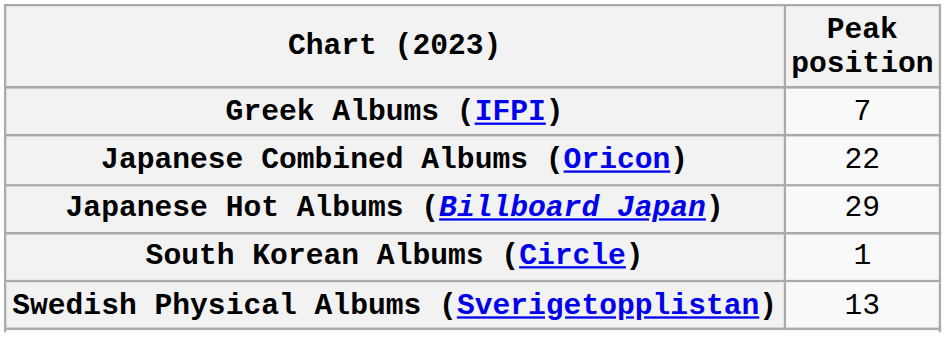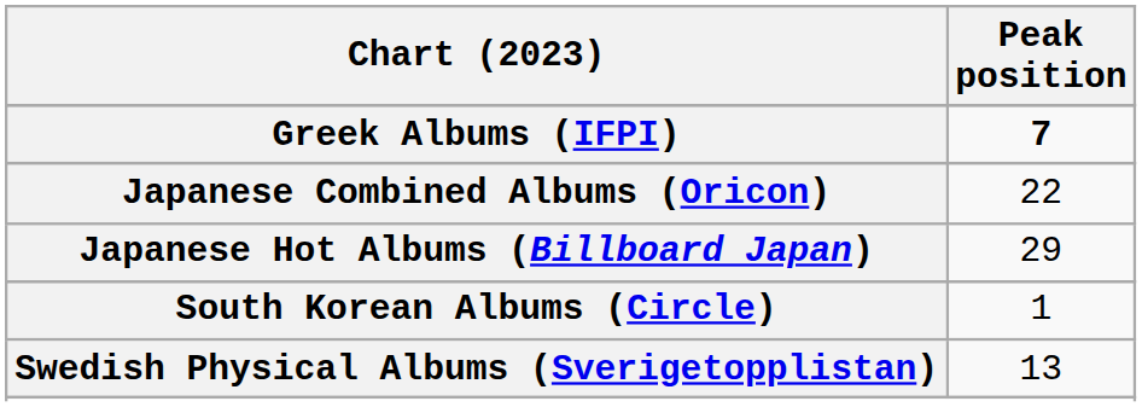 <table class="wikitable sortable plainrowheaders" style="text-align:center;">
 <tr>
 <th scope="col">Chart (2023)</th>
 <th scope="col">Peak<br>position</th>
 </tr>
 <tr>
 </tr>
 <tr>
 </tr>
 <tr>
 </tr>
 <tr>
 </tr>
 <tr>
 <th scope="row">Greek Albums (<a href='#'>IFPI</a>)</th>
-<td>7</td>
+<td><strong>7</strong></td>
 </tr>
 <tr>
 </tr>
 <tr>
 </tr>
 <tr>
 <th scope="row">Japanese Combined Albums (<a href='#'>Oricon</a>)</th>
 <td>22</td>
 </tr>
 <tr>
 <th scope="row">Japanese Hot Albums (<em><a href='#'>Billboard Japan</a></em>)</th>
 <td>29</td>
 </tr>
 <tr>
 </tr>
 <tr>
 <th scope="row">South Korean Albums (<a href='#'>Circle</a>)</th>
 <td>1</td>
 </tr>
 <tr>
 <th scope="row">Swedish Physical Albums (<a href='#'>Sverigetopplistan</a>)</th>
 <td>13</td>
 </tr>
 <tr>
 </tr>
 <tr>
 </tr>
 <tr>
 </tr>
 <tr>
 </tr>
 </table>
